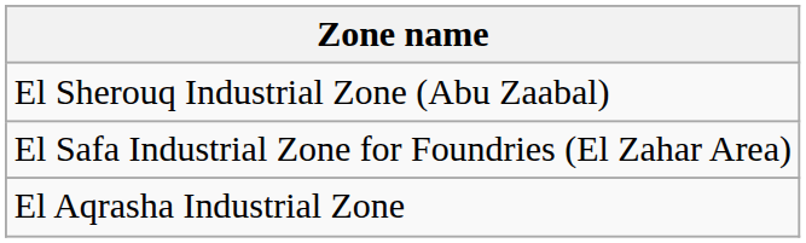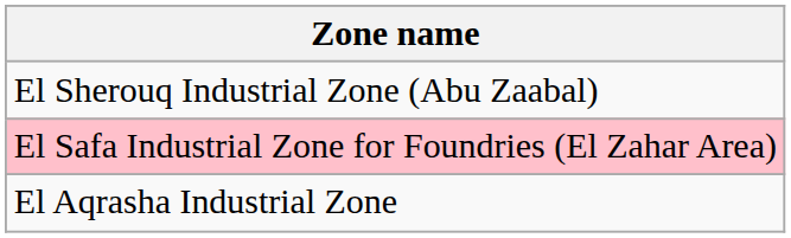 <table class="wikitable">
 <tr>
 <th>Zone name</th>
 </tr>
 <tr>
 <td rowspan="1">El Sherouq Industrial Zone (Abu Zaabal)</td>
 </tr>
 <tr>
-<td rowspan="1">El Safa Industrial Zone for Foundries (El Zahar Area)</td>
+<td rowspan="1" style="background: pink;">El Safa Industrial Zone for Foundries (El Zahar Area)</td>
 </tr>
 <tr>
 <td rowspan="1">El Aqrasha Industrial Zone</td>
 </tr>
 </table>
